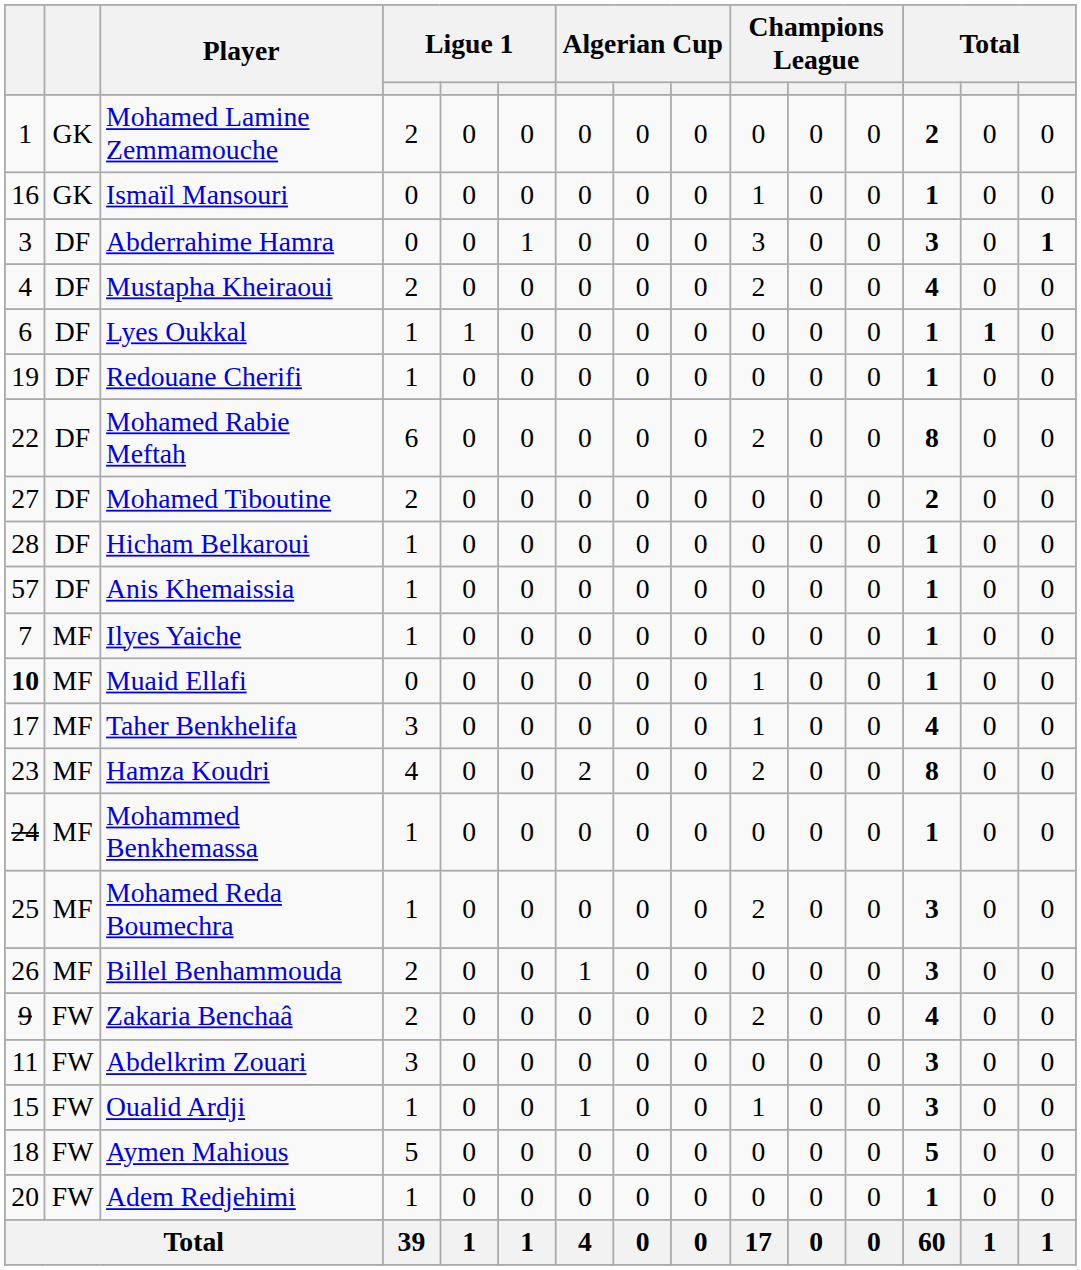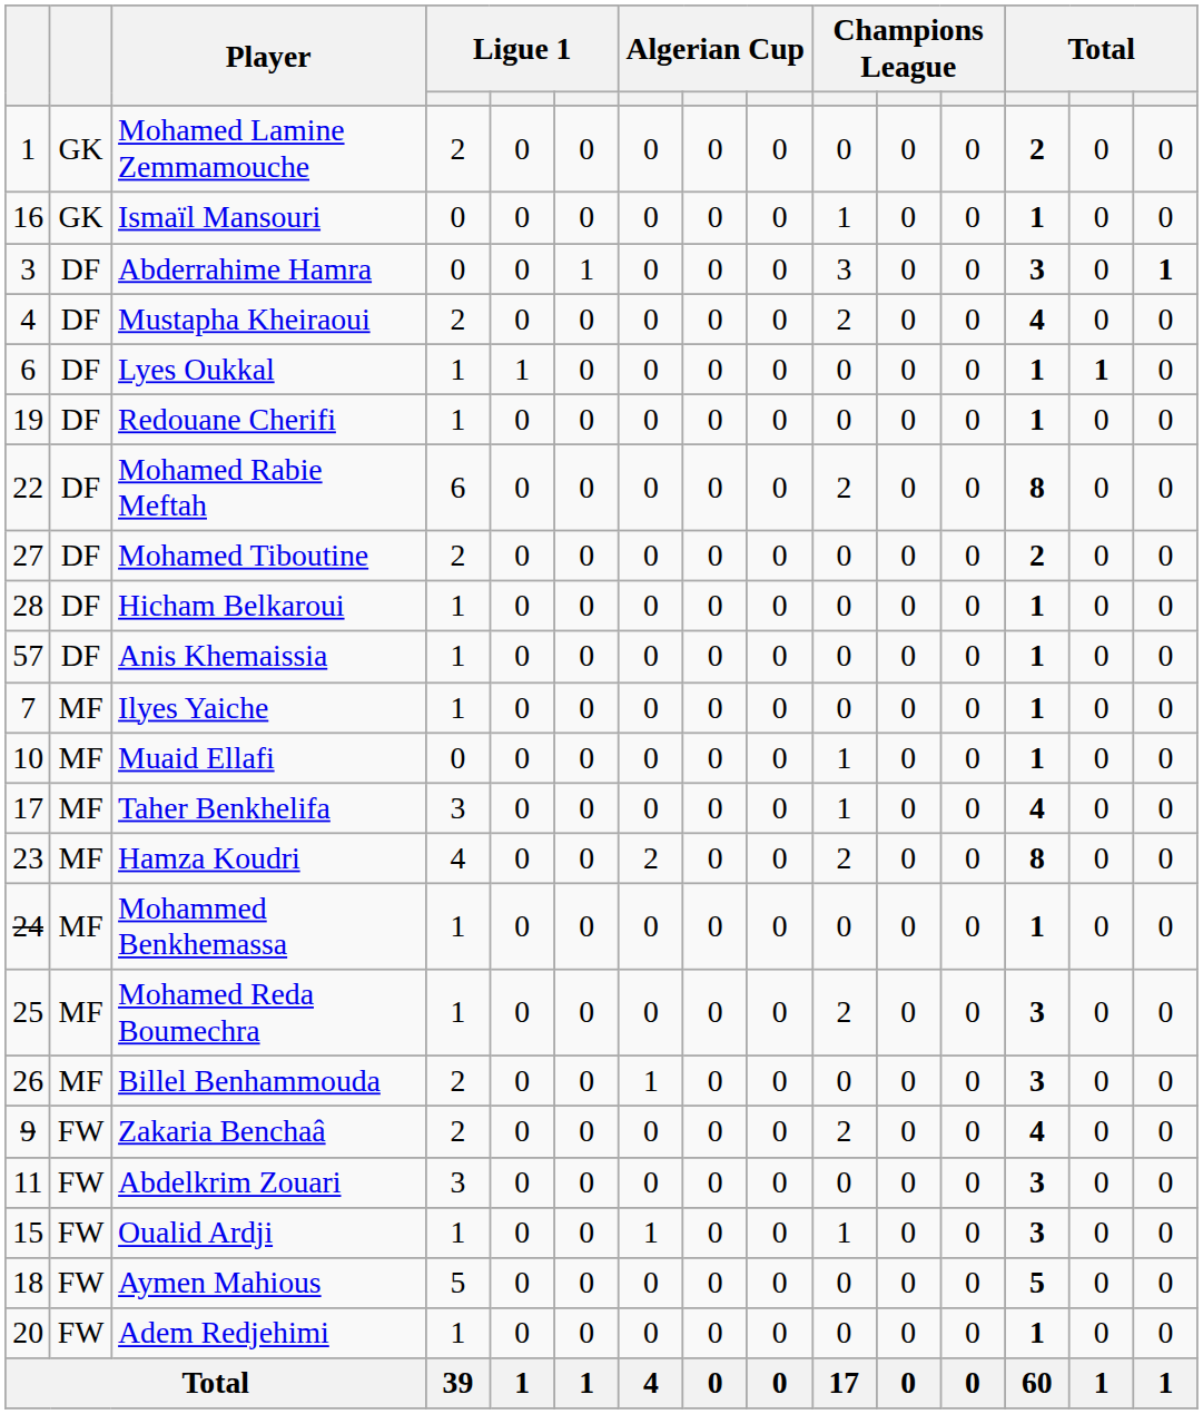 <table class="wikitable sortable nowrap" style="font-size: 96%; text-align: center;">
 <tr>
 <th rowspan="2"></th>
 <th rowspan="2"></th>
 <th rowspan="2" width=150>Player</th>
 <th colspan="3">Ligue 1</th>
 <th colspan="3">Algerian Cup</th>
 <th colspan="3">Champions League</th>
 <th colspan="3">Total</th>
 </tr>
 <tr>
 <th width=25></th>
 <th width=25></th>
 <th width=25></th>
 <th width=25></th>
 <th width=25></th>
 <th width=25></th>
 <th width=25></th>
 <th width=25></th>
 <th width=25></th>
 <th width=25></th>
 <th width=25></th>
 <th width=25></th>
 </tr>
 <tr>
 <td>1</td>
 <td>GK</td>
 <td style="text-align:left"> <a href='#'>Mohamed Lamine Zemmamouche</a></td>
 <td>2</td>
 <td>0</td>
 <td>0</td>
 <td>0</td>
 <td>0</td>
 <td>0</td>
 <td>0</td>
 <td>0</td>
 <td>0</td>
 <td><strong>2</strong></td>
 <td>0</td>
 <td>0</td>
 </tr>
 <tr>
 <td>16</td>
 <td>GK</td>
 <td style="text-align:left"> <a href='#'>Ismaïl Mansouri</a></td>
 <td>0</td>
 <td>0</td>
 <td>0</td>
 <td>0</td>
 <td>0</td>
 <td>0</td>
 <td>1</td>
 <td>0</td>
 <td>0</td>
 <td><strong>1</strong></td>
 <td>0</td>
 <td>0</td>
 </tr>
 <tr>
 <td>3</td>
 <td>DF</td>
 <td style="text-align:left"> <a href='#'>Abderrahime Hamra</a></td>
 <td>0</td>
 <td>0</td>
 <td>1</td>
 <td>0</td>
 <td>0</td>
 <td>0</td>
 <td>3</td>
 <td>0</td>
 <td>0</td>
 <td><strong>3</strong></td>
 <td>0</td>
 <td><strong>1</strong></td>
 </tr>
 <tr>
 <td>4</td>
 <td>DF</td>
 <td style="text-align:left"> <a href='#'>Mustapha Kheiraoui</a></td>
 <td>2</td>
 <td>0</td>
 <td>0</td>
 <td>0</td>
 <td>0</td>
 <td>0</td>
 <td>2</td>
 <td>0</td>
 <td>0</td>
 <td><strong>4</strong></td>
 <td>0</td>
 <td>0</td>
 </tr>
 <tr>
 <td>6</td>
 <td>DF</td>
 <td style="text-align:left"> <a href='#'>Lyes Oukkal</a></td>
 <td>1</td>
 <td>1</td>
 <td>0</td>
 <td>0</td>
 <td>0</td>
 <td>0</td>
 <td>0</td>
 <td>0</td>
 <td>0</td>
 <td><strong>1</strong></td>
 <td><strong>1</strong></td>
 <td>0</td>
 </tr>
 <tr>
 <td>19</td>
 <td>DF</td>
 <td style="text-align:left"> <a href='#'>Redouane Cherifi</a></td>
 <td>1</td>
 <td>0</td>
 <td>0</td>
 <td>0</td>
 <td>0</td>
 <td>0</td>
 <td>0</td>
 <td>0</td>
 <td>0</td>
 <td><strong>1</strong></td>
 <td>0</td>
 <td>0</td>
 </tr>
 <tr>
 <td>22</td>
 <td>DF</td>
 <td style="text-align:left"> <a href='#'>Mohamed Rabie Meftah</a></td>
 <td>6</td>
 <td>0</td>
 <td>0</td>
 <td>0</td>
 <td>0</td>
 <td>0</td>
 <td>2</td>
 <td>0</td>
 <td>0</td>
 <td><strong>8</strong></td>
 <td>0</td>
 <td>0</td>
 </tr>
 <tr>
 <td>27</td>
 <td>DF</td>
 <td style="text-align:left"> <a href='#'>Mohamed Tiboutine</a></td>
 <td>2</td>
 <td>0</td>
 <td>0</td>
 <td>0</td>
 <td>0</td>
 <td>0</td>
 <td>0</td>
 <td>0</td>
 <td>0</td>
 <td><strong>2</strong></td>
 <td>0</td>
 <td>0</td>
 </tr>
 <tr>
 <td>28</td>
 <td>DF</td>
 <td style="text-align:left"> <a href='#'>Hicham Belkaroui</a></td>
 <td>1</td>
 <td>0</td>
 <td>0</td>
 <td>0</td>
 <td>0</td>
 <td>0</td>
 <td>0</td>
 <td>0</td>
 <td>0</td>
 <td><strong>1</strong></td>
 <td>0</td>
 <td>0</td>
 </tr>
 <tr>
 <td>57</td>
 <td>DF</td>
 <td style="text-align:left"> <a href='#'>Anis Khemaissia</a></td>
 <td>1</td>
 <td>0</td>
 <td>0</td>
 <td>0</td>
 <td>0</td>
 <td>0</td>
 <td>0</td>
 <td>0</td>
 <td>0</td>
 <td><strong>1</strong></td>
 <td>0</td>
 <td>0</td>
 </tr>
 <tr>
 <td>7</td>
 <td>MF</td>
 <td style="text-align:left"> <a href='#'>Ilyes Yaiche</a></td>
 <td>1</td>
 <td>0</td>
 <td>0</td>
 <td>0</td>
 <td>0</td>
 <td>0</td>
 <td>0</td>
 <td>0</td>
 <td>0</td>
 <td><strong>1</strong></td>
 <td>0</td>
 <td>0</td>
 </tr>
 <tr>
-<td><strong>10</strong></td>
+<td>10</td>
 <td>MF</td>
 <td style="text-align:left"> <a href='#'>Muaid Ellafi</a></td>
 <td>0</td>
 <td>0</td>
 <td>0</td>
 <td>0</td>
 <td>0</td>
 <td>0</td>
 <td>1</td>
 <td>0</td>
 <td>0</td>
 <td><strong>1</strong></td>
 <td>0</td>
 <td>0</td>
 </tr>
 <tr>
 <td>17</td>
 <td>MF</td>
 <td style="text-align:left"> <a href='#'>Taher Benkhelifa</a></td>
 <td>3</td>
 <td>0</td>
 <td>0</td>
 <td>0</td>
 <td>0</td>
 <td>0</td>
 <td>1</td>
 <td>0</td>
 <td>0</td>
 <td><strong>4</strong></td>
 <td>0</td>
 <td>0</td>
 </tr>
 <tr>
 <td>23</td>
 <td>MF</td>
 <td style="text-align:left"> <a href='#'>Hamza Koudri</a></td>
 <td>4</td>
 <td>0</td>
 <td>0</td>
 <td>2</td>
 <td>0</td>
 <td>0</td>
 <td>2</td>
 <td>0</td>
 <td>0</td>
 <td><strong>8</strong></td>
 <td>0</td>
 <td>0</td>
 </tr>
 <tr>
 <td><s>24</s></td>
 <td>MF</td>
 <td style="text-align:left"> <a href='#'>Mohammed Benkhemassa</a></td>
 <td>1</td>
 <td>0</td>
 <td>0</td>
 <td>0</td>
 <td>0</td>
 <td>0</td>
 <td>0</td>
 <td>0</td>
 <td>0</td>
 <td><strong>1</strong></td>
 <td>0</td>
 <td>0</td>
 </tr>
 <tr>
 <td>25</td>
 <td>MF</td>
 <td style="text-align:left"> <a href='#'>Mohamed Reda Boumechra</a></td>
 <td>1</td>
 <td>0</td>
 <td>0</td>
 <td>0</td>
 <td>0</td>
 <td>0</td>
 <td>2</td>
 <td>0</td>
 <td>0</td>
 <td><strong>3</strong></td>
 <td>0</td>
 <td>0</td>
 </tr>
 <tr>
 <td>26</td>
 <td>MF</td>
 <td style="text-align:left"> <a href='#'>Billel Benhammouda</a></td>
 <td>2</td>
 <td>0</td>
 <td>0</td>
 <td>1</td>
 <td>0</td>
 <td>0</td>
 <td>0</td>
 <td>0</td>
 <td>0</td>
 <td><strong>3</strong></td>
 <td>0</td>
 <td>0</td>
 </tr>
 <tr>
 <td><s>9</s></td>
 <td>FW</td>
 <td style="text-align:left"> <a href='#'>Zakaria Benchaâ</a></td>
 <td>2</td>
 <td>0</td>
 <td>0</td>
 <td>0</td>
 <td>0</td>
 <td>0</td>
 <td>2</td>
 <td>0</td>
 <td>0</td>
 <td><strong>4</strong></td>
 <td>0</td>
 <td>0</td>
 </tr>
 <tr>
 <td>11</td>
 <td>FW</td>
 <td style="text-align:left"> <a href='#'>Abdelkrim Zouari</a></td>
 <td>3</td>
 <td>0</td>
 <td>0</td>
 <td>0</td>
 <td>0</td>
 <td>0</td>
 <td>0</td>
 <td>0</td>
 <td>0</td>
 <td><strong>3</strong></td>
 <td>0</td>
 <td>0</td>
 </tr>
 <tr>
 <td>15</td>
 <td>FW</td>
 <td style="text-align:left"> <a href='#'>Oualid Ardji</a></td>
 <td>1</td>
 <td>0</td>
 <td>0</td>
 <td>1</td>
 <td>0</td>
 <td>0</td>
 <td>1</td>
 <td>0</td>
 <td>0</td>
 <td><strong>3</strong></td>
 <td>0</td>
 <td>0</td>
 </tr>
 <tr>
 <td>18</td>
 <td>FW</td>
 <td style="text-align:left"> <a href='#'>Aymen Mahious</a></td>
 <td>5</td>
 <td>0</td>
 <td>0</td>
 <td>0</td>
 <td>0</td>
 <td>0</td>
 <td>0</td>
 <td>0</td>
 <td>0</td>
 <td><strong>5</strong></td>
 <td>0</td>
 <td>0</td>
 </tr>
 <tr>
 <td>20</td>
 <td>FW</td>
 <td style="text-align:left"> <a href='#'>Adem Redjehimi</a></td>
 <td>1</td>
 <td>0</td>
 <td>0</td>
 <td>0</td>
 <td>0</td>
 <td>0</td>
 <td>0</td>
 <td>0</td>
 <td>0</td>
 <td><strong>1</strong></td>
 <td>0</td>
 <td>0</td>
 </tr>
 <tr>
 <th colspan="3">Total</th>
 <th>39</th>
 <th>1</th>
 <th>1</th>
 <th>4</th>
 <th>0</th>
 <th>0</th>
 <th>17</th>
 <th>0</th>
 <th>0</th>
 <th>60</th>
 <th>1</th>
 <th>1</th>
 </tr>
 </table>
